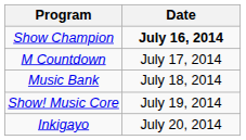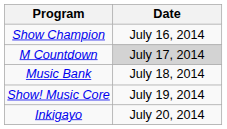 <table class="wikitable" style="text-align:center">
 <tr>
 <th>Program</th>
 <th width="130">Date</th>
 </tr>
 <tr>
 <td><em><a href='#'>Show Champion</a></em></td>
-<td><strong>July 16, 2014</strong></td>
+<td>July 16, 2014</td>
 </tr>
 <tr>
 <td><em><a href='#'>M Countdown</a></em></td>
-<td>July 17, 2014</td>
+<td style="background: lightgrey;">July 17, 2014</td>
 </tr>
 <tr>
 <td><em><a href='#'>Music Bank</a></em></td>
 <td>July 18, 2014</td>
 </tr>
 <tr>
 <td><em><a href='#'>Show! Music Core</a> </em></td>
 <td>July 19, 2014</td>
 </tr>
 <tr>
 <td><em><a href='#'>Inkigayo</a></em></td>
 <td>July 20, 2014</td>
 </tr>
 </table>
